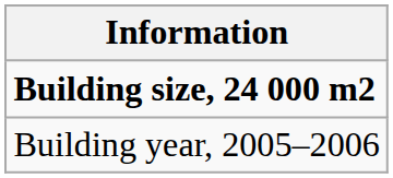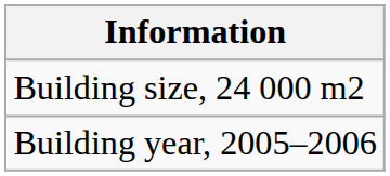 <table class="wikitable">
 <tr>
 <th>Information</th>
 </tr>
 <tr>
-<td><strong>Building size, 24 000 m2</strong></td>
+<td>Building size, 24 000 m2</td>
 </tr>
 <tr>
 <td>Building year, 2005–2006</td>
 </tr>
 </table>
